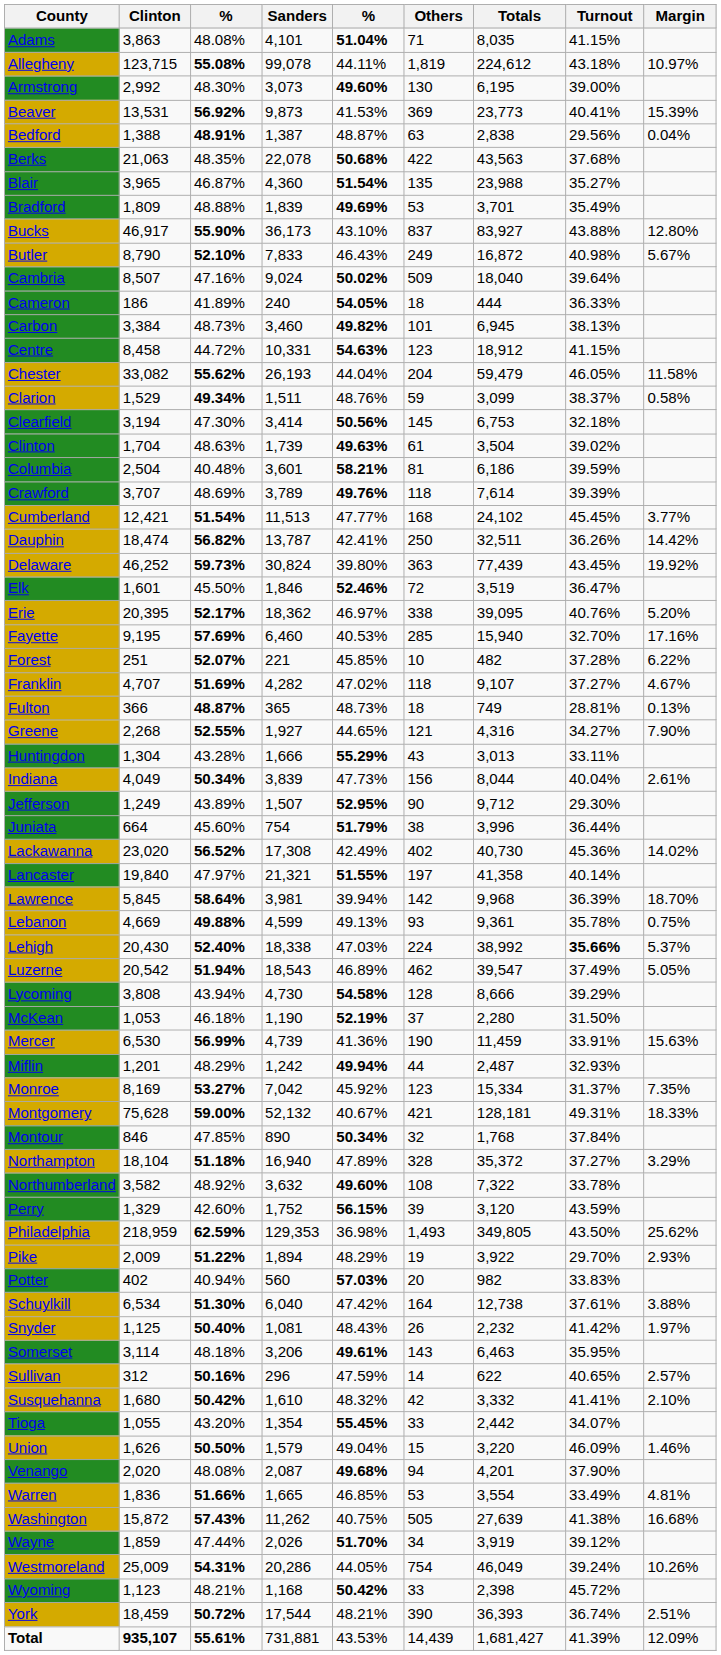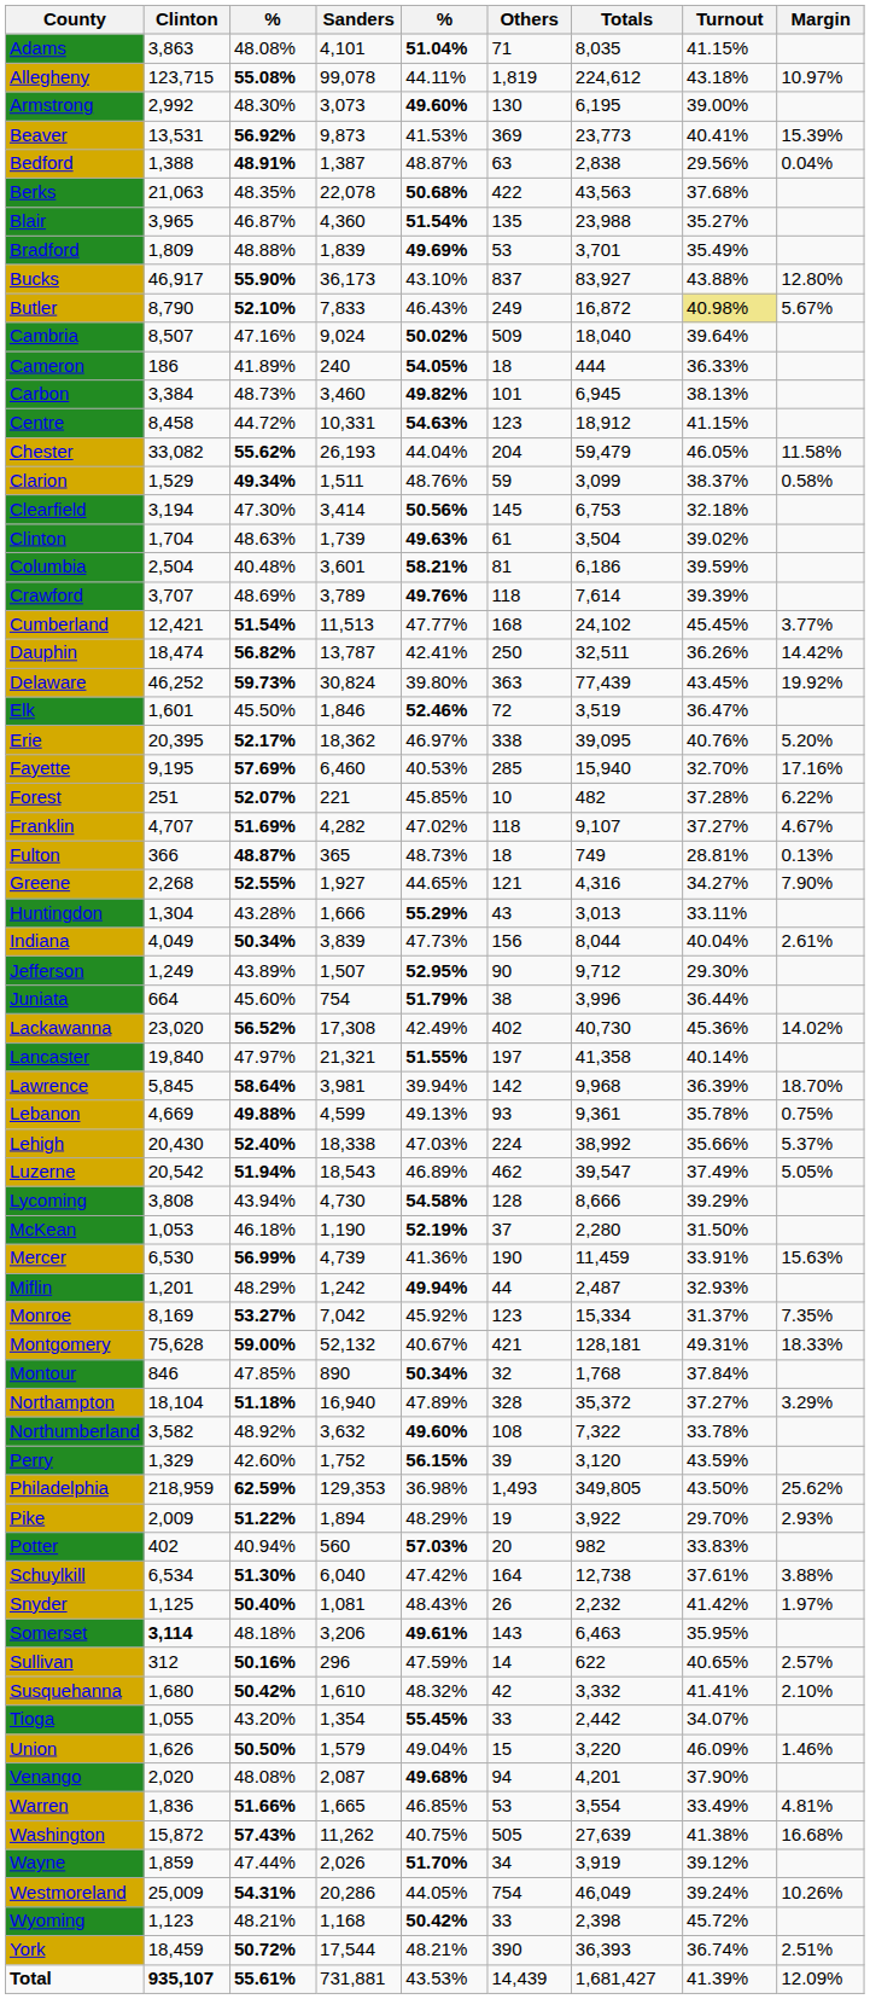 <table style="width:60%;" class="wikitable sortable">
 <tr style="background:lightgrey;">
 <th style="width:11%;">County</th>
 <th style="width:10%;">Clinton</th>
 <th style="width:10%;">%</th>
 <th style="width:10%;">Sanders</th>
 <th style="width:10%;">%</th>
 <th>Others</th>
 <th>Totals</th>
 <th>Turnout</th>
 <th>Margin</th>
 </tr>
 <tr>
 <td style="background:#228B22;"><a href='#'>Adams</a></td>
 <td>3,863</td>
 <td>48.08%</td>
 <td>4,101</td>
 <td><strong>51.04%</strong></td>
 <td>71</td>
 <td>8,035</td>
 <td>41.15%</td>
 <td></td>
 </tr>
 <tr>
 <td style="background:#D4AA00;"><a href='#'>Allegheny</a></td>
 <td>123,715</td>
 <td><strong>55.08%</strong></td>
 <td>99,078</td>
 <td>44.11%</td>
 <td>1,819</td>
 <td>224,612</td>
 <td>43.18%</td>
 <td>10.97%</td>
 </tr>
 <tr>
 <td style="background:#228B22;"><a href='#'>Armstrong</a></td>
 <td>2,992</td>
 <td>48.30%</td>
 <td>3,073</td>
 <td><strong>49.60%</strong></td>
 <td>130</td>
 <td>6,195</td>
 <td>39.00%</td>
 <td></td>
 </tr>
 <tr>
 <td style="background:#D4AA00;"><a href='#'>Beaver</a></td>
 <td>13,531</td>
 <td><strong>56.92%</strong></td>
 <td>9,873</td>
 <td>41.53%</td>
 <td>369</td>
 <td>23,773</td>
 <td>40.41%</td>
 <td>15.39%</td>
 </tr>
 <tr>
 <td style="background:#D4AA00;"><a href='#'>Bedford</a></td>
 <td>1,388</td>
 <td><strong>48.91%</strong></td>
 <td>1,387</td>
 <td>48.87%</td>
 <td>63</td>
 <td>2,838</td>
 <td>29.56%</td>
 <td>0.04%</td>
 </tr>
 <tr>
 <td style="background:#228B22;"><a href='#'>Berks</a></td>
 <td>21,063</td>
 <td>48.35%</td>
 <td>22,078</td>
 <td><strong>50.68%</strong></td>
 <td>422</td>
 <td>43,563</td>
 <td>37.68%</td>
 <td></td>
 </tr>
 <tr>
 <td style="background:#228B22;"><a href='#'>Blair</a></td>
 <td>3,965</td>
 <td>46.87%</td>
 <td>4,360</td>
 <td><strong>51.54%</strong></td>
 <td>135</td>
 <td>23,988</td>
 <td>35.27%</td>
 <td></td>
 </tr>
 <tr>
 <td style="background:#228B22;"><a href='#'>Bradford</a></td>
 <td>1,809</td>
 <td>48.88%</td>
 <td>1,839</td>
 <td><strong>49.69%</strong></td>
 <td>53</td>
 <td>3,701</td>
 <td>35.49%</td>
 <td></td>
 </tr>
 <tr>
 <td style="background:#D4AA00;"><a href='#'>Bucks</a></td>
 <td>46,917</td>
 <td><strong>55.90%</strong></td>
 <td>36,173</td>
 <td>43.10%</td>
 <td>837</td>
 <td>83,927</td>
 <td>43.88%</td>
 <td>12.80%</td>
 </tr>
 <tr>
 <td style="background:#D4AA00;"><a href='#'>Butler</a></td>
 <td>8,790</td>
 <td><strong>52.10%</strong></td>
 <td>7,833</td>
 <td>46.43%</td>
 <td>249</td>
 <td>16,872</td>
-<td>40.98%</td>
+<td style="background: khaki;">40.98%</td>
 <td>5.67%</td>
 </tr>
 <tr>
 <td style="background:#228B22;"><a href='#'>Cambria</a></td>
 <td>8,507</td>
 <td>47.16%</td>
 <td>9,024</td>
 <td><strong>50.02%</strong></td>
 <td>509</td>
 <td>18,040</td>
 <td>39.64%</td>
 <td></td>
 </tr>
 <tr>
 <td style="background:#228B22;"><a href='#'>Cameron</a></td>
 <td>186</td>
 <td>41.89%</td>
 <td>240</td>
 <td><strong>54.05%</strong></td>
 <td>18</td>
 <td>444</td>
 <td>36.33%</td>
 <td></td>
 </tr>
 <tr>
 <td style="background:#228B22;"><a href='#'>Carbon</a></td>
 <td>3,384</td>
 <td>48.73%</td>
 <td>3,460</td>
 <td><strong>49.82%</strong></td>
 <td>101</td>
 <td>6,945</td>
 <td>38.13%</td>
 <td></td>
 </tr>
 <tr>
 <td style="background:#228B22;"><a href='#'>Centre</a></td>
 <td>8,458</td>
 <td>44.72%</td>
 <td>10,331</td>
 <td><strong>54.63%</strong></td>
 <td>123</td>
 <td>18,912</td>
 <td>41.15%</td>
 <td></td>
 </tr>
 <tr>
 <td style="background:#D4AA00;"><a href='#'>Chester</a></td>
 <td>33,082</td>
 <td><strong>55.62%</strong></td>
 <td>26,193</td>
 <td>44.04%</td>
 <td>204</td>
 <td>59,479</td>
 <td>46.05%</td>
 <td>11.58%</td>
 </tr>
 <tr>
 <td style="background:#D4AA00;"><a href='#'>Clarion</a></td>
 <td>1,529</td>
 <td><strong>49.34%</strong></td>
 <td>1,511</td>
 <td>48.76%</td>
 <td>59</td>
 <td>3,099</td>
 <td>38.37%</td>
 <td>0.58%</td>
 </tr>
 <tr>
 <td style="background:#228B22;"><a href='#'>Clearfield</a></td>
 <td>3,194</td>
 <td>47.30%</td>
 <td>3,414</td>
 <td><strong>50.56%</strong></td>
 <td>145</td>
 <td>6,753</td>
 <td>32.18%</td>
 <td></td>
 </tr>
 <tr>
 <td style="background:#228B22;"><a href='#'>Clinton</a></td>
 <td>1,704</td>
 <td>48.63%</td>
 <td>1,739</td>
 <td><strong>49.63%</strong></td>
 <td>61</td>
 <td>3,504</td>
 <td>39.02%</td>
 <td></td>
 </tr>
 <tr>
 <td style="background:#228B22;"><a href='#'>Columbia</a></td>
 <td>2,504</td>
 <td>40.48%</td>
 <td>3,601</td>
 <td><strong>58.21%</strong></td>
 <td>81</td>
 <td>6,186</td>
 <td>39.59%</td>
 <td></td>
 </tr>
 <tr>
 <td style="background:#228B22;"><a href='#'>Crawford</a></td>
 <td>3,707</td>
 <td>48.69%</td>
 <td>3,789</td>
 <td><strong>49.76%</strong></td>
 <td>118</td>
 <td>7,614</td>
 <td>39.39%</td>
 <td></td>
 </tr>
 <tr>
 <td style="background:#D4AA00;"><a href='#'>Cumberland</a></td>
 <td>12,421</td>
 <td><strong>51.54%</strong></td>
 <td>11,513</td>
 <td>47.77%</td>
 <td>168</td>
 <td>24,102</td>
 <td>45.45%</td>
 <td>3.77%</td>
 </tr>
 <tr>
 <td style="background:#D4AA00;"><a href='#'>Dauphin</a></td>
 <td>18,474</td>
 <td><strong>56.82%</strong></td>
 <td>13,787</td>
 <td>42.41%</td>
 <td>250</td>
 <td>32,511</td>
 <td>36.26%</td>
 <td>14.42%</td>
 </tr>
 <tr>
 <td style="background:#D4AA00;"><a href='#'>Delaware</a></td>
 <td>46,252</td>
 <td><strong>59.73%</strong></td>
 <td>30,824</td>
 <td>39.80%</td>
 <td>363</td>
 <td>77,439</td>
 <td>43.45%</td>
 <td>19.92%</td>
 </tr>
 <tr>
 <td style="background:#228B22;"><a href='#'>Elk</a></td>
 <td>1,601</td>
 <td>45.50%</td>
 <td>1,846</td>
 <td><strong>52.46%</strong></td>
 <td>72</td>
 <td>3,519</td>
 <td>36.47%</td>
 <td></td>
 </tr>
 <tr>
 <td style="background:#D4AA00;"><a href='#'>Erie</a></td>
 <td>20,395</td>
 <td><strong>52.17%</strong></td>
 <td>18,362</td>
 <td>46.97%</td>
 <td>338</td>
 <td>39,095</td>
 <td>40.76%</td>
 <td>5.20%</td>
 </tr>
 <tr>
 <td style="background:#D4AA00;"><a href='#'>Fayette</a></td>
 <td>9,195</td>
 <td><strong>57.69%</strong></td>
 <td>6,460</td>
 <td>40.53%</td>
 <td>285</td>
 <td>15,940</td>
 <td>32.70%</td>
 <td>17.16%</td>
 </tr>
 <tr>
 <td style="background:#D4AA00;"><a href='#'>Forest</a></td>
 <td>251</td>
 <td><strong>52.07%</strong></td>
 <td>221</td>
 <td>45.85%</td>
 <td>10</td>
 <td>482</td>
 <td>37.28%</td>
 <td>6.22%</td>
 </tr>
 <tr>
 <td style="background:#D4AA00;"><a href='#'>Franklin</a></td>
 <td>4,707</td>
 <td><strong>51.69%</strong></td>
 <td>4,282</td>
 <td>47.02%</td>
 <td>118</td>
 <td>9,107</td>
 <td>37.27%</td>
 <td>4.67%</td>
 </tr>
 <tr>
 <td style="background:#D4AA00;"><a href='#'>Fulton</a></td>
 <td>366</td>
 <td><strong>48.87%</strong></td>
 <td>365</td>
 <td>48.73%</td>
 <td>18</td>
 <td>749</td>
 <td>28.81%</td>
 <td>0.13%</td>
 </tr>
 <tr>
 <td style="background:#D4AA00;"><a href='#'>Greene</a></td>
 <td>2,268</td>
 <td><strong>52.55%</strong></td>
 <td>1,927</td>
 <td>44.65%</td>
 <td>121</td>
 <td>4,316</td>
 <td>34.27%</td>
 <td>7.90%</td>
 </tr>
 <tr>
 <td style="background:#228B22;"><a href='#'>Huntingdon</a></td>
 <td>1,304</td>
 <td>43.28%</td>
 <td>1,666</td>
 <td><strong>55.29%</strong></td>
 <td>43</td>
 <td>3,013</td>
 <td>33.11%</td>
 <td></td>
 </tr>
 <tr>
 <td style="background:#D4AA00;"><a href='#'>Indiana</a></td>
 <td>4,049</td>
 <td><strong>50.34%</strong></td>
 <td>3,839</td>
 <td>47.73%</td>
 <td>156</td>
 <td>8,044</td>
 <td>40.04%</td>
 <td>2.61%</td>
 </tr>
 <tr>
 <td style="background:#228B22;"><a href='#'>Jefferson</a></td>
 <td>1,249</td>
 <td>43.89%</td>
 <td>1,507</td>
 <td><strong>52.95%</strong></td>
 <td>90</td>
 <td>9,712</td>
 <td>29.30%</td>
 <td></td>
 </tr>
 <tr>
 <td style="background:#228B22;"><a href='#'>Juniata</a></td>
 <td>664</td>
 <td>45.60%</td>
 <td>754</td>
 <td><strong>51.79%</strong></td>
 <td>38</td>
 <td>3,996</td>
 <td>36.44%</td>
 <td></td>
 </tr>
 <tr>
 <td style="background:#D4AA00;"><a href='#'>Lackawanna</a></td>
 <td>23,020</td>
 <td><strong>56.52%</strong></td>
 <td>17,308</td>
 <td>42.49%</td>
 <td>402</td>
 <td>40,730</td>
 <td>45.36%</td>
 <td>14.02%</td>
 </tr>
 <tr>
 <td style="background:#228B22;"><a href='#'>Lancaster</a></td>
 <td>19,840</td>
 <td>47.97%</td>
 <td>21,321</td>
 <td><strong>51.55%</strong></td>
 <td>197</td>
 <td>41,358</td>
 <td>40.14%</td>
 <td></td>
 </tr>
 <tr>
 <td style="background:#D4AA00;"><a href='#'>Lawrence</a></td>
 <td>5,845</td>
 <td><strong>58.64%</strong></td>
 <td>3,981</td>
 <td>39.94%</td>
 <td>142</td>
 <td>9,968</td>
 <td>36.39%</td>
 <td>18.70%</td>
 </tr>
 <tr>
 <td style="background:#D4AA00;"><a href='#'>Lebanon</a></td>
 <td>4,669</td>
 <td><strong>49.88%</strong></td>
 <td>4,599</td>
 <td>49.13%</td>
 <td>93</td>
 <td>9,361</td>
 <td>35.78%</td>
 <td>0.75%</td>
 </tr>
 <tr>
 <td style="background:#D4AA00;"><a href='#'>Lehigh</a></td>
 <td>20,430</td>
 <td><strong>52.40%</strong></td>
 <td>18,338</td>
 <td>47.03%</td>
 <td>224</td>
 <td>38,992</td>
-<td><strong>35.66%</strong></td>
+<td>35.66%</td>
 <td>5.37%</td>
 </tr>
 <tr>
 <td style="background:#D4AA00;"><a href='#'>Luzerne</a></td>
 <td>20,542</td>
 <td><strong>51.94%</strong></td>
 <td>18,543</td>
 <td>46.89%</td>
 <td>462</td>
 <td>39,547</td>
 <td>37.49%</td>
 <td>5.05%</td>
 </tr>
 <tr>
 <td style="background:#228B22;"><a href='#'>Lycoming</a></td>
 <td>3,808</td>
 <td>43.94%</td>
 <td>4,730</td>
 <td><strong>54.58%</strong></td>
 <td>128</td>
 <td>8,666</td>
 <td>39.29%</td>
 <td></td>
 </tr>
 <tr>
 <td style="background:#228B22;"><a href='#'>McKean</a></td>
 <td>1,053</td>
 <td>46.18%</td>
 <td>1,190</td>
 <td><strong>52.19%</strong></td>
 <td>37</td>
 <td>2,280</td>
 <td>31.50%</td>
 <td></td>
 </tr>
 <tr>
 <td style="background:#D4AA00;"><a href='#'>Mercer</a></td>
 <td>6,530</td>
 <td><strong>56.99%</strong></td>
 <td>4,739</td>
 <td>41.36%</td>
 <td>190</td>
 <td>11,459</td>
 <td>33.91%</td>
 <td>15.63%</td>
 </tr>
 <tr>
 <td style="background:#228B22;"><a href='#'>Miflin</a></td>
 <td>1,201</td>
 <td>48.29%</td>
 <td>1,242</td>
 <td><strong>49.94%</strong></td>
 <td>44</td>
 <td>2,487</td>
 <td>32.93%</td>
 <td></td>
 </tr>
 <tr>
 <td style="background:#D4AA00;"><a href='#'>Monroe</a></td>
 <td>8,169</td>
 <td><strong>53.27%</strong></td>
 <td>7,042</td>
 <td>45.92%</td>
 <td>123</td>
 <td>15,334</td>
 <td>31.37%</td>
 <td>7.35%</td>
 </tr>
 <tr>
 <td style="background:#D4AA00;"><a href='#'>Montgomery</a></td>
 <td>75,628</td>
 <td><strong>59.00%</strong></td>
 <td>52,132</td>
 <td>40.67%</td>
 <td>421</td>
 <td>128,181</td>
 <td>49.31%</td>
 <td>18.33%</td>
 </tr>
 <tr>
 <td style="background:#228B22;"><a href='#'>Montour</a></td>
 <td>846</td>
 <td>47.85%</td>
 <td>890</td>
 <td><strong>50.34%</strong></td>
 <td>32</td>
 <td>1,768</td>
 <td>37.84%</td>
 <td></td>
 </tr>
 <tr>
 <td style="background:#D4AA00;"><a href='#'>Northampton</a></td>
 <td>18,104</td>
 <td><strong>51.18%</strong></td>
 <td>16,940</td>
 <td>47.89%</td>
 <td>328</td>
 <td>35,372</td>
 <td>37.27%</td>
 <td>3.29%</td>
 </tr>
 <tr>
 <td style="background:#228B22;"><a href='#'>Northumberland</a></td>
 <td>3,582</td>
 <td>48.92%</td>
 <td>3,632</td>
 <td><strong>49.60%</strong></td>
 <td>108</td>
 <td>7,322</td>
 <td>33.78%</td>
 <td></td>
 </tr>
 <tr>
 <td style="background:#228B22;"><a href='#'>Perry</a></td>
 <td>1,329</td>
 <td>42.60%</td>
 <td>1,752</td>
 <td><strong>56.15%</strong></td>
 <td>39</td>
 <td>3,120</td>
 <td>43.59%</td>
 <td></td>
 </tr>
 <tr>
 <td style="background:#D4AA00;"><a href='#'>Philadelphia</a></td>
 <td>218,959</td>
 <td><strong>62.59%</strong></td>
 <td>129,353</td>
 <td>36.98%</td>
 <td>1,493</td>
 <td>349,805</td>
 <td>43.50%</td>
 <td>25.62%</td>
 </tr>
 <tr>
 <td style="background:#D4AA00;"><a href='#'>Pike</a></td>
 <td>2,009</td>
 <td><strong>51.22%</strong></td>
 <td>1,894</td>
 <td>48.29%</td>
 <td>19</td>
 <td>3,922</td>
 <td>29.70%</td>
 <td>2.93%</td>
 </tr>
 <tr>
 <td style="background:#228B22;"><a href='#'>Potter</a></td>
 <td>402</td>
 <td>40.94%</td>
 <td>560</td>
 <td><strong>57.03%</strong></td>
 <td>20</td>
 <td>982</td>
 <td>33.83%</td>
 <td></td>
 </tr>
 <tr>
 <td style="background:#D4AA00;"><a href='#'>Schuylkill</a></td>
 <td>6,534</td>
 <td><strong>51.30%</strong></td>
 <td>6,040</td>
 <td>47.42%</td>
 <td>164</td>
 <td>12,738</td>
 <td>37.61%</td>
 <td>3.88%</td>
 </tr>
 <tr>
 <td style="background:#D4AA00;"><a href='#'>Snyder</a></td>
 <td>1,125</td>
 <td><strong>50.40%</strong></td>
 <td>1,081</td>
 <td>48.43%</td>
 <td>26</td>
 <td>2,232</td>
 <td>41.42%</td>
 <td>1.97%</td>
 </tr>
 <tr>
 <td style="background:#228B22;"><a href='#'>Somerset</a></td>
-<td>3,114</td>
+<td><strong>3,114</strong></td>
 <td>48.18%</td>
 <td>3,206</td>
 <td><strong>49.61%</strong></td>
 <td>143</td>
 <td>6,463</td>
 <td>35.95%</td>
 <td></td>
 </tr>
 <tr>
 <td style="background:#D4AA00;"><a href='#'>Sullivan</a></td>
 <td>312</td>
 <td><strong>50.16%</strong></td>
 <td>296</td>
 <td>47.59%</td>
 <td>14</td>
 <td>622</td>
 <td>40.65%</td>
 <td>2.57%</td>
 </tr>
 <tr>
 <td style="background:#D4AA00;"><a href='#'>Susquehanna</a></td>
 <td>1,680</td>
 <td><strong>50.42%</strong></td>
 <td>1,610</td>
 <td>48.32%</td>
 <td>42</td>
 <td>3,332</td>
 <td>41.41%</td>
 <td>2.10%</td>
 </tr>
 <tr>
 <td style="background:#228B22;"><a href='#'>Tioga</a></td>
 <td>1,055</td>
 <td>43.20%</td>
 <td>1,354</td>
 <td><strong>55.45%</strong></td>
 <td>33</td>
 <td>2,442</td>
 <td>34.07%</td>
 <td></td>
 </tr>
 <tr>
 <td style="background:#D4AA00;"><a href='#'>Union</a></td>
 <td>1,626</td>
 <td><strong>50.50%</strong></td>
 <td>1,579</td>
 <td>49.04%</td>
 <td>15</td>
 <td>3,220</td>
 <td>46.09%</td>
 <td>1.46%</td>
 </tr>
 <tr>
 <td style="background:#228B22;"><a href='#'>Venango</a></td>
 <td>2,020</td>
 <td>48.08%</td>
 <td>2,087</td>
 <td><strong>49.68%</strong></td>
 <td>94</td>
 <td>4,201</td>
 <td>37.90%</td>
 <td></td>
 </tr>
 <tr>
 <td style="background:#D4AA00;"><a href='#'>Warren</a></td>
 <td>1,836</td>
 <td><strong>51.66%</strong></td>
 <td>1,665</td>
 <td>46.85%</td>
 <td>53</td>
 <td>3,554</td>
 <td>33.49%</td>
 <td>4.81%</td>
 </tr>
 <tr>
 <td style="background:#D4AA00;"><a href='#'>Washington</a></td>
 <td>15,872</td>
 <td><strong>57.43%</strong></td>
 <td>11,262</td>
 <td>40.75%</td>
 <td>505</td>
 <td>27,639</td>
 <td>41.38%</td>
 <td>16.68%</td>
 </tr>
 <tr>
 <td style="background:#228B22;"><a href='#'>Wayne</a></td>
 <td>1,859</td>
 <td>47.44%</td>
 <td>2,026</td>
 <td><strong>51.70%</strong></td>
 <td>34</td>
 <td>3,919</td>
 <td>39.12%</td>
 <td></td>
 </tr>
 <tr>
 <td style="background:#D4AA00;"><a href='#'>Westmoreland</a></td>
 <td>25,009</td>
 <td><strong>54.31%</strong></td>
 <td>20,286</td>
 <td>44.05%</td>
 <td>754</td>
 <td>46,049</td>
 <td>39.24%</td>
 <td>10.26%</td>
 </tr>
 <tr>
 <td style="background:#228B22;"><a href='#'>Wyoming</a></td>
 <td>1,123</td>
 <td>48.21%</td>
 <td>1,168</td>
 <td><strong>50.42%</strong></td>
 <td>33</td>
 <td>2,398</td>
 <td>45.72%</td>
 <td></td>
 </tr>
 <tr>
 <td style="background:#D4AA00;"><a href='#'>York</a></td>
 <td>18,459</td>
 <td><strong>50.72%</strong></td>
 <td>17,544</td>
 <td>48.21%</td>
 <td>390</td>
 <td>36,393</td>
 <td>36.74%</td>
 <td>2.51%</td>
 </tr>
 <tr>
 <td><strong>Total</strong></td>
 <td><strong>935,107</strong></td>
 <td><strong>55.61%</strong></td>
 <td>731,881</td>
 <td>43.53%</td>
 <td>14,439</td>
 <td>1,681,427</td>
 <td>41.39%</td>
 <td>12.09%</td>
 </tr>
 </table>
